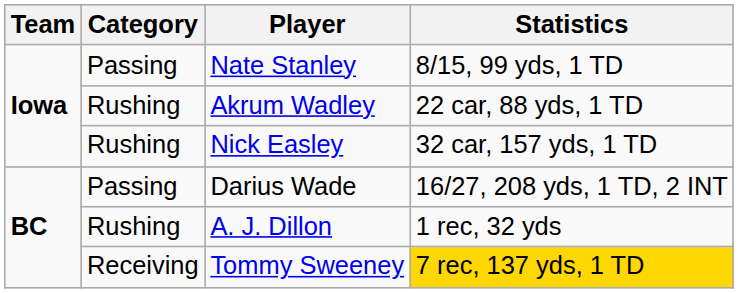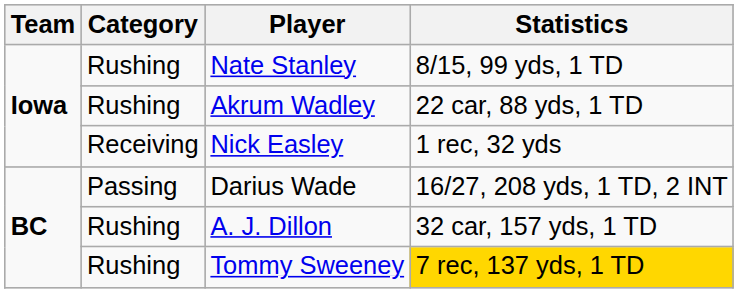 <table class="wikitable">
 <tr>
 <th>Team</th>
 <th>Category</th>
 <th>Player</th>
 <th>Statistics</th>
 </tr>
 <tr>
 <td rowspan=3><strong>Iowa</strong></td>
-<td>Passing</td>
+<td>Rushing</td>
 <td><a href='#'>Nate Stanley</a></td>
 <td>8/15, 99 yds, 1 TD</td>
 </tr>
 <tr>
 <td>Rushing</td>
 <td><a href='#'>Akrum Wadley</a></td>
 <td>22 car, 88 yds, 1 TD</td>
 </tr>
 <tr>
-<td>Rushing</td>
+<td>Receiving</td>
 <td><a href='#'>Nick Easley</a></td>
-<td>32 car, 157 yds, 1 TD</td>
+<td>1 rec, 32 yds</td>
 </tr>
 <tr>
 <td rowspan=3><strong>BC</strong></td>
 <td>Passing</td>
 <td>Darius Wade</td>
 <td>16/27, 208 yds, 1 TD, 2 INT</td>
 </tr>
 <tr>
 <td>Rushing</td>
 <td><a href='#'>A. J. Dillon</a></td>
-<td>1 rec, 32 yds</td>
+<td>32 car, 157 yds, 1 TD</td>
 </tr>
 <tr>
-<td>Receiving</td>
+<td>Rushing</td>
 <td><a href='#'>Tommy Sweeney</a></td>
 <td style="background: gold;">7 rec, 137 yds, 1 TD</td>
 </tr>
 </table>
